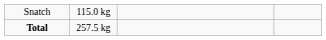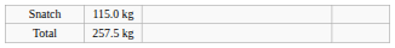 <table class = "wikitable" style="text-align:center;">
 <tr>
 <td width=100>Snatch</td>
 <td width=70>115.0 kg</td>
 <td width=250 align=left></td>
 <td width=70></td>
 </tr>
 <tr>
-<td><strong>Total</strong></td>
+<td>Total</td>
 <td>257.5 kg</td>
 <td align=left></td>
 <td></td>
 </tr>
 </table>
